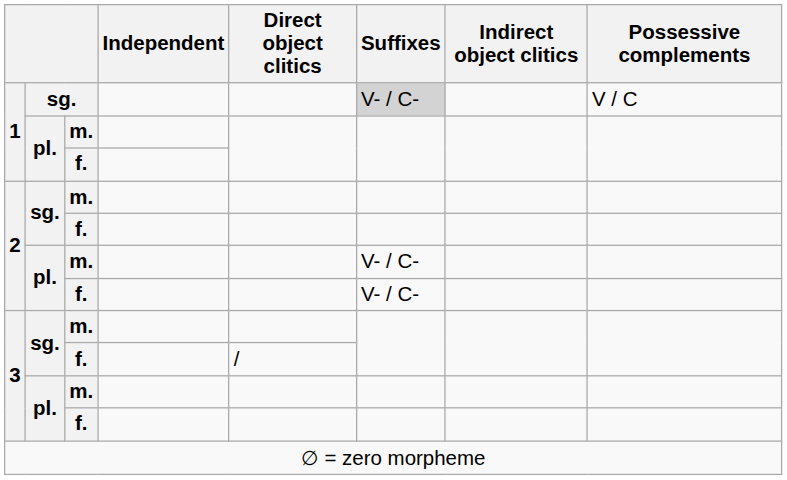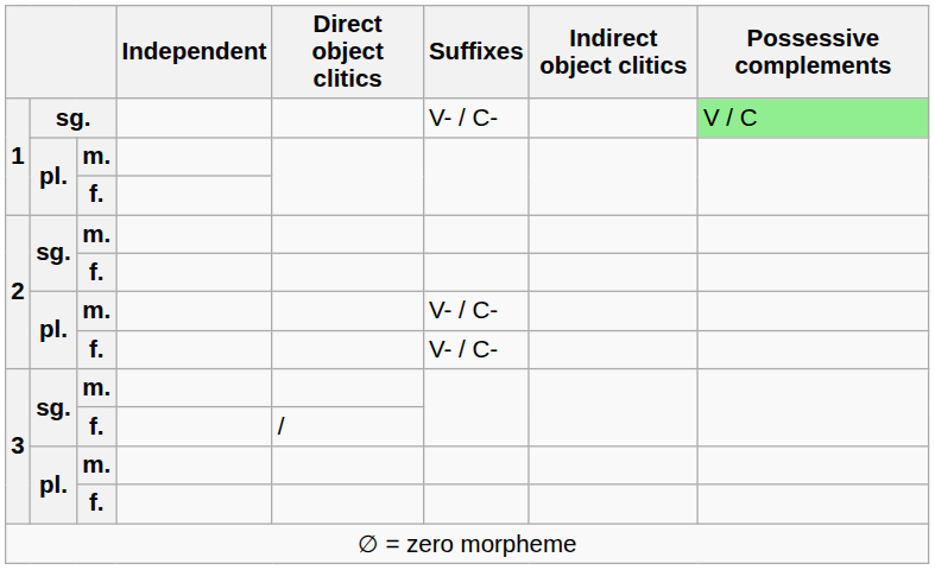 <table class="wikitable">
 <tr>
 <th colspan="3"></th>
 <th>Independent</th>
 <th>Direct object clitics</th>
 <th>Suffixes</th>
 <th>Indirect object clitics</th>
 <th>Possessive complements</th>
 </tr>
 <tr>
 <th rowspan="3">1</th>
 <th colspan="2">sg.</th>
 <td></td>
 <td></td>
-<td style="background: lightgrey;">V- / C-</td>
+<td>V- / C-</td>
 <td></td>
-<td>V  / C </td>
+<td style="background: lightgreen;">V  / C </td>
 </tr>
 <tr>
 <th rowspan="2">pl.</th>
 <th>m.</th>
 <td></td>
 <td rowspan="2"></td>
 <td rowspan="2"></td>
 <td rowspan="2"></td>
 <td rowspan="2"></td>
 </tr>
 <tr>
 <th>f.</th>
 <td></td>
 </tr>
 <tr>
 <th rowspan="4">2</th>
 <th rowspan="2">sg.</th>
 <th>m.</th>
 <td></td>
 <td></td>
 <td></td>
 <td></td>
 <td></td>
 </tr>
 <tr>
 <th>f.</th>
 <td></td>
 <td></td>
 <td></td>
 <td></td>
 <td></td>
 </tr>
 <tr>
 <th rowspan="2">pl.</th>
 <th>m.</th>
 <td></td>
 <td></td>
 <td>V- / C-</td>
 <td></td>
 <td></td>
 </tr>
 <tr>
 <th>f.</th>
 <td></td>
 <td></td>
 <td>V- / C-</td>
 <td></td>
 <td></td>
 </tr>
 <tr>
 <th rowspan="4">3</th>
 <th rowspan="2">sg.</th>
 <th>m.</th>
 <td></td>
 <td></td>
 <td rowspan="2"></td>
 <td rowspan="2"></td>
 <td rowspan="2"></td>
 </tr>
 <tr>
 <th>f.</th>
 <td></td>
 <td> / </td>
 </tr>
 <tr>
 <th rowspan="2">pl.</th>
 <th>m.</th>
 <td></td>
 <td></td>
 <td></td>
 <td></td>
 <td></td>
 </tr>
 <tr>
 <th>f.</th>
 <td></td>
 <td></td>
 <td></td>
 <td></td>
 <td></td>
 </tr>
 <tr>
 <td colspan="8" align="center">∅ = zero morpheme</td>
 </tr>
 </table>
